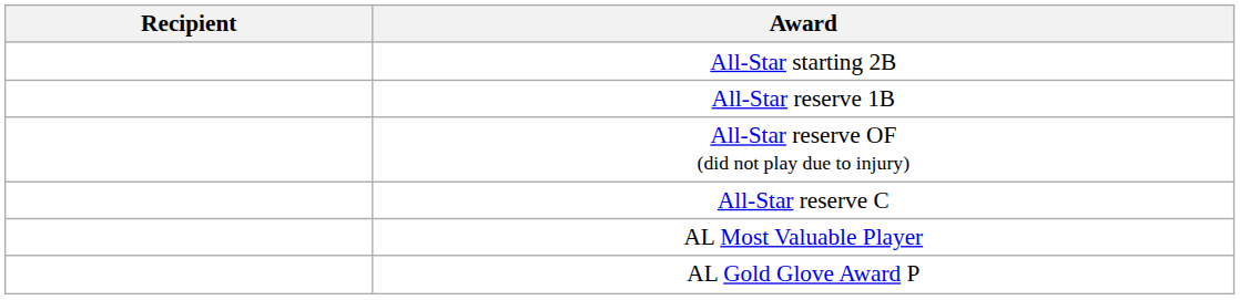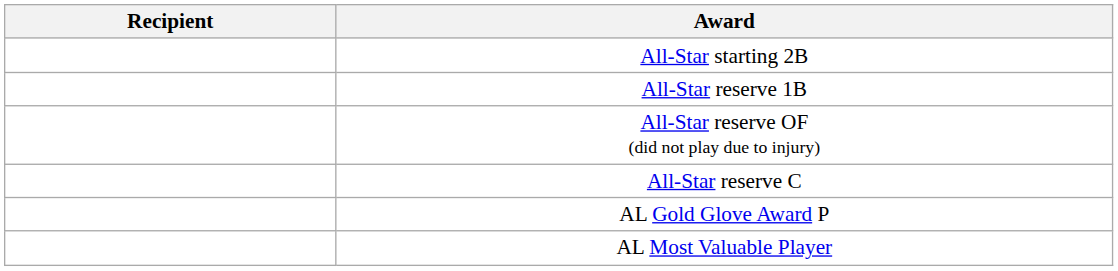 <table class="wikitable sortable" style="text-align:center; background:#ffffff; width: 66%;">
 <tr>
 <th>Recipient</th>
 <th>Award</th>
 </tr>
 <tr>
 <td></td>
 <td><a href='#'>All-Star</a> starting 2B</td>
 </tr>
 <tr>
 <td></td>
 <td><a href='#'>All-Star</a> reserve 1B</td>
 </tr>
 <tr>
 <td></td>
 <td><a href='#'>All-Star</a> reserve OF<br><small>(did not play due to injury)</small></td>
 </tr>
 <tr>
 <td></td>
 <td><a href='#'>All-Star</a> reserve C</td>
 </tr>
 <tr>
 <td></td>
-<td>AL <a href='#'>Most Valuable Player</a></td>
+<td>AL <a href='#'>Gold Glove Award</a> P</td>
 </tr>
 <tr>
 <td></td>
-<td>AL <a href='#'>Gold Glove Award</a> P</td>
+<td>AL <a href='#'>Most Valuable Player</a></td>
 </tr>
 </table>
